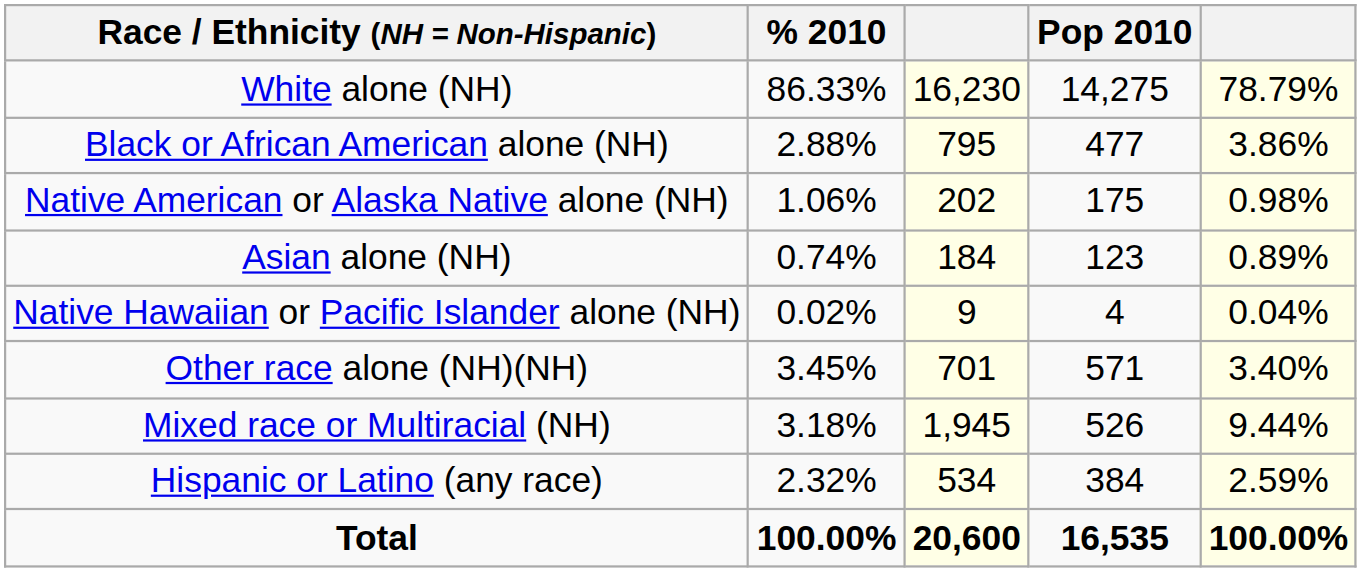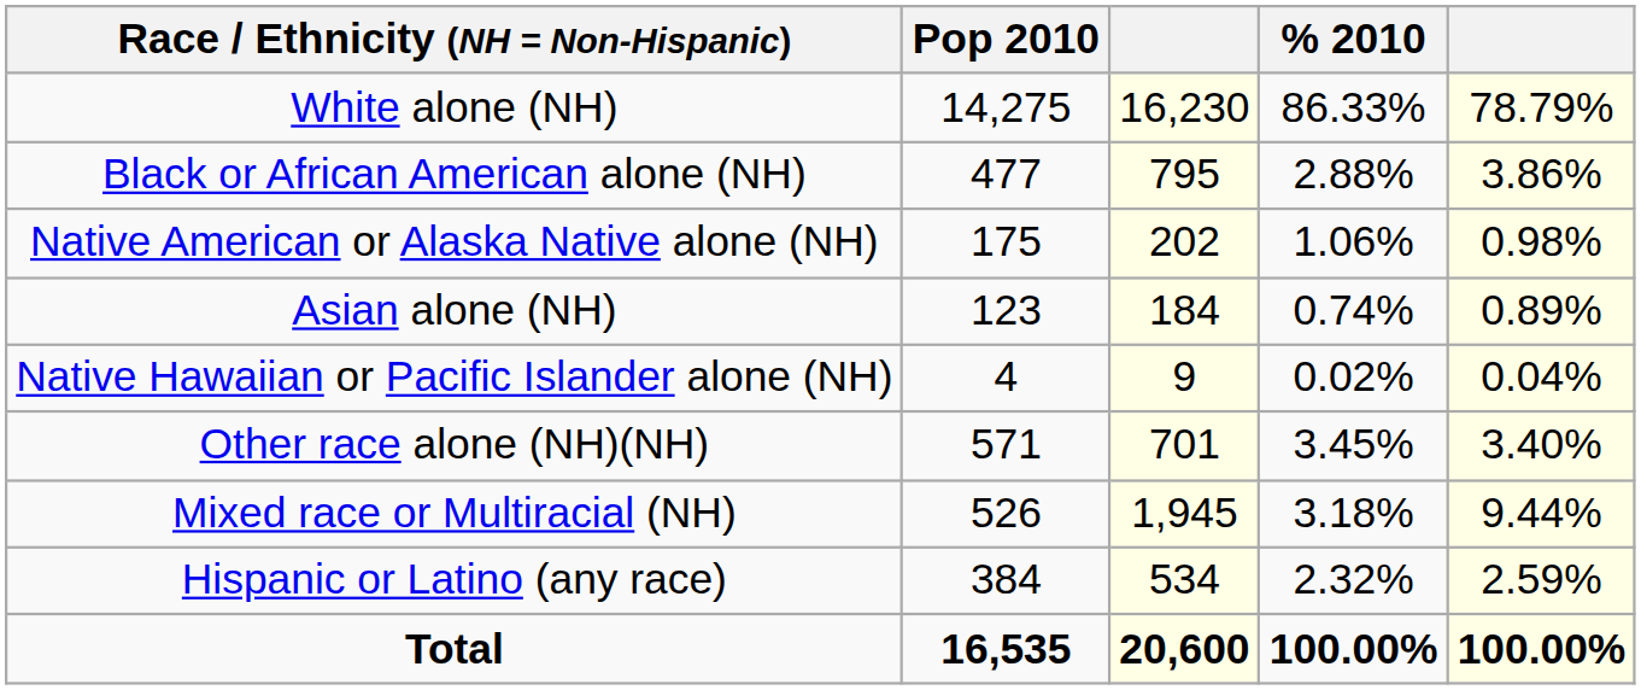 <table class="wikitable" style="text-align:center;">
 <tr>
 <th>Race / Ethnicity <small>(<em>NH = Non-Hispanic</em>)</small></th>
+<th>Pop 2010</th>
+<th></th>
 <th>% 2010</th>
-<th></th>
-<th>Pop 2010</th>
 <th></th>
 </tr>
 <tr>
 <td><a href='#'>White</a> alone (NH)</td>
+<td>14,275</td>
+<td style='background: #ffffe6;'>16,230</td>
 <td>86.33%</td>
-<td style='background: #ffffe6;'>16,230</td>
-<td>14,275</td>
 <td style='background: #ffffe6;'>78.79%</td>
 </tr>
 <tr>
 <td><a href='#'>Black or African American</a> alone (NH)</td>
+<td>477</td>
+<td style='background: #ffffe6;'>795</td>
 <td>2.88%</td>
-<td style='background: #ffffe6;'>795</td>
-<td>477</td>
 <td style='background: #ffffe6;'>3.86%</td>
 </tr>
 <tr>
 <td><a href='#'>Native American</a> or <a href='#'>Alaska Native</a> alone (NH)</td>
+<td>175</td>
+<td style='background: #ffffe6;'>202</td>
 <td>1.06%</td>
-<td style='background: #ffffe6;'>202</td>
-<td>175</td>
 <td style='background: #ffffe6;'>0.98%</td>
 </tr>
 <tr>
 <td><a href='#'>Asian</a> alone (NH)</td>
+<td>123</td>
+<td style='background: #ffffe6;'>184</td>
 <td>0.74%</td>
-<td style='background: #ffffe6;'>184</td>
-<td>123</td>
 <td style='background: #ffffe6;'>0.89%</td>
 </tr>
 <tr>
 <td><a href='#'>Native Hawaiian</a> or <a href='#'>Pacific Islander</a> alone (NH)</td>
+<td>4</td>
+<td style='background: #ffffe6;'>9</td>
 <td>0.02%</td>
-<td style='background: #ffffe6;'>9</td>
-<td>4</td>
 <td style='background: #ffffe6;'>0.04%</td>
 </tr>
 <tr>
 <td><a href='#'>Other race</a> alone (NH)(NH)</td>
+<td>571</td>
+<td style='background: #ffffe6;'>701</td>
 <td>3.45%</td>
-<td style='background: #ffffe6;'>701</td>
-<td>571</td>
 <td style='background: #ffffe6;'>3.40%</td>
 </tr>
 <tr>
 <td><a href='#'>Mixed race or Multiracial</a> (NH)</td>
+<td>526</td>
+<td style='background: #ffffe6;'>1,945</td>
 <td>3.18%</td>
-<td style='background: #ffffe6;'>1,945</td>
-<td>526</td>
 <td style='background: #ffffe6;'>9.44%</td>
 </tr>
 <tr>
 <td><a href='#'>Hispanic or Latino</a> (any race)</td>
+<td>384</td>
+<td style='background: #ffffe6;'>534</td>
 <td>2.32%</td>
-<td style='background: #ffffe6;'>534</td>
-<td>384</td>
 <td style='background: #ffffe6;'>2.59%</td>
 </tr>
 <tr>
 <td><strong>Total</strong></td>
+<td><strong>16,535</strong></td>
+<td style='background: #ffffe6;'><strong>20,600</strong></td>
 <td><strong>100.00%</strong></td>
-<td style='background: #ffffe6;'><strong>20,600</strong></td>
-<td><strong>16,535</strong></td>
 <td style='background: #ffffe6;'><strong>100.00%</strong></td>
 </tr>
 </table>
